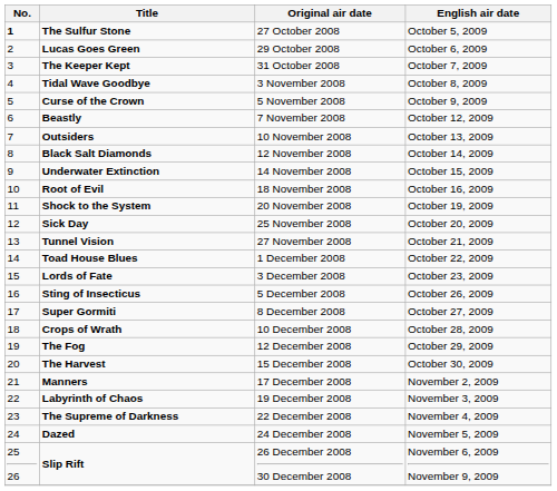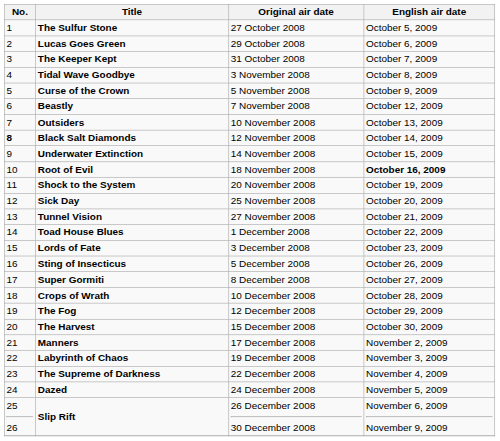 <table class="wikitable" style="width:50%;">
 <tr>
 <th>No.</th>
 <th>Title</th>
 <th>Original air date</th>
 <th>English air date</th>
 </tr>
 <tr>
-<td><strong>1</strong></td>
+<td>1</td>
 <td><strong>The Sulfur Stone</strong></td>
 <td>27 October 2008</td>
 <td>October 5, 2009</td>
 </tr>
 <tr>
 <td>2</td>
 <td><strong>Lucas Goes Green</strong></td>
 <td>29 October 2008</td>
 <td>October 6, 2009</td>
 </tr>
 <tr>
 <td>3</td>
 <td><strong>The Keeper Kept</strong></td>
 <td>31 October 2008</td>
 <td>October 7, 2009</td>
 </tr>
 <tr>
 <td>4</td>
 <td><strong>Tidal Wave Goodbye</strong></td>
 <td>3 November 2008</td>
 <td>October 8, 2009</td>
 </tr>
 <tr>
 <td>5</td>
 <td><strong>Curse of the Crown</strong></td>
 <td>5 November 2008</td>
 <td>October 9, 2009</td>
 </tr>
 <tr>
 <td>6</td>
 <td><strong>Beastly</strong></td>
 <td>7 November 2008</td>
 <td>October 12, 2009</td>
 </tr>
 <tr>
 <td>7</td>
 <td><strong>Outsiders</strong></td>
 <td>10 November 2008</td>
 <td>October 13, 2009</td>
 </tr>
 <tr>
-<td>8</td>
+<td><strong>8</strong></td>
 <td><strong>Black Salt Diamonds</strong></td>
 <td>12 November 2008</td>
 <td>October 14, 2009</td>
 </tr>
 <tr>
 <td>9</td>
 <td><strong>Underwater Extinction</strong></td>
 <td>14 November 2008</td>
 <td>October 15, 2009</td>
 </tr>
 <tr>
 <td>10</td>
 <td><strong>Root of Evil</strong></td>
 <td>18 November 2008</td>
-<td>October 16, 2009</td>
+<td><strong>October 16, 2009</strong></td>
 </tr>
 <tr>
 <td>11</td>
 <td><strong>Shock to the System</strong></td>
 <td>20 November 2008</td>
 <td>October 19, 2009</td>
 </tr>
 <tr>
 <td>12</td>
 <td><strong>Sick Day</strong></td>
 <td>25 November 2008</td>
 <td>October 20, 2009</td>
 </tr>
 <tr>
 <td>13</td>
 <td><strong>Tunnel Vision</strong></td>
 <td>27 November 2008</td>
 <td>October 21, 2009</td>
 </tr>
 <tr>
 <td>14</td>
 <td><strong>Toad House Blues</strong></td>
 <td>1 December 2008</td>
 <td>October 22, 2009</td>
 </tr>
 <tr>
 <td>15</td>
 <td><strong>Lords of Fate</strong></td>
 <td>3 December 2008</td>
 <td>October 23, 2009</td>
 </tr>
 <tr>
 <td>16</td>
 <td><strong>Sting of Insecticus</strong></td>
 <td>5 December 2008</td>
 <td>October 26, 2009</td>
 </tr>
 <tr>
 <td>17</td>
 <td><strong>Super Gormiti</strong></td>
 <td>8 December 2008</td>
 <td>October 27, 2009</td>
 </tr>
 <tr>
 <td>18</td>
 <td><strong>Crops of Wrath</strong></td>
 <td>10 December 2008</td>
 <td>October 28, 2009</td>
 </tr>
 <tr>
 <td>19</td>
 <td><strong>The Fog</strong></td>
 <td>12 December 2008</td>
 <td>October 29, 2009</td>
 </tr>
 <tr>
 <td>20</td>
 <td><strong>The Harvest</strong></td>
 <td>15 December 2008</td>
 <td>October 30, 2009</td>
 </tr>
 <tr>
 <td>21</td>
 <td><strong>Manners</strong></td>
 <td>17 December 2008</td>
 <td>November 2, 2009</td>
 </tr>
 <tr>
 <td>22</td>
 <td><strong>Labyrinth of Chaos</strong></td>
 <td>19 December 2008</td>
 <td>November 3, 2009</td>
 </tr>
 <tr>
 <td>23</td>
 <td><strong>The Supreme of Darkness</strong></td>
 <td>22 December 2008</td>
 <td>November 4, 2009</td>
 </tr>
 <tr>
 <td>24</td>
 <td><strong>Dazed</strong></td>
 <td>24 December 2008</td>
 <td>November 5, 2009</td>
 </tr>
 <tr>
 <td>25 <hr> 26</td>
 <td><strong>Slip Rift</strong></td>
 <td>26 December 2008 <hr> 30 December 2008</td>
 <td>November 6, 2009 <hr> November 9, 2009</td>
 </tr>
 <tr>
 </tr>
 </table>
